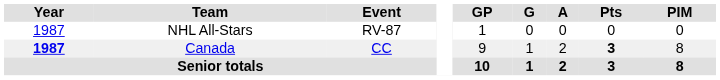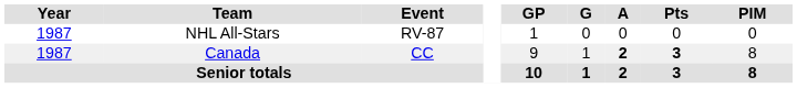 <table border="0" cellpadding="1" cellspacing="0" style="text-align:center; width:50em">
 <tr ALIGN="center" bgcolor="#e0e0e0">
 <th>Year</th>
 <th>Team</th>
 <th>Event</th>
 <th rowspan="99" bgcolor="#ffffff"> </th>
 <th>GP</th>
 <th>G</th>
 <th>A</th>
 <th>Pts</th>
 <th>PIM</th>
 </tr>
 <tr>
 <td><a href='#'>1987</a></td>
 <td>NHL All-Stars</td>
 <td>RV-87</td>
 <td>1</td>
 <td>0</td>
 <td>0</td>
 <td>0</td>
 <td>0</td>
 </tr>
 <tr bgcolor="#f0f0f0">
-<td><strong><a href='#'>1987</a></strong></td>
+<td><a href='#'>1987</a></td>
 <td><a href='#'>Canada</a></td>
 <td><a href='#'>CC</a></td>
 <td>9</td>
 <td>1</td>
-<td>2</td>
+<td><strong>2</strong></td>
 <td><strong>3</strong></td>
 <td>8</td>
 </tr>
 <tr bgcolor="#e0e0e0">
 <th colspan=3>Senior totals</th>
 <th>10</th>
 <th>1</th>
 <th>2</th>
 <th>3</th>
 <th>8</th>
 </tr>
 </table>
